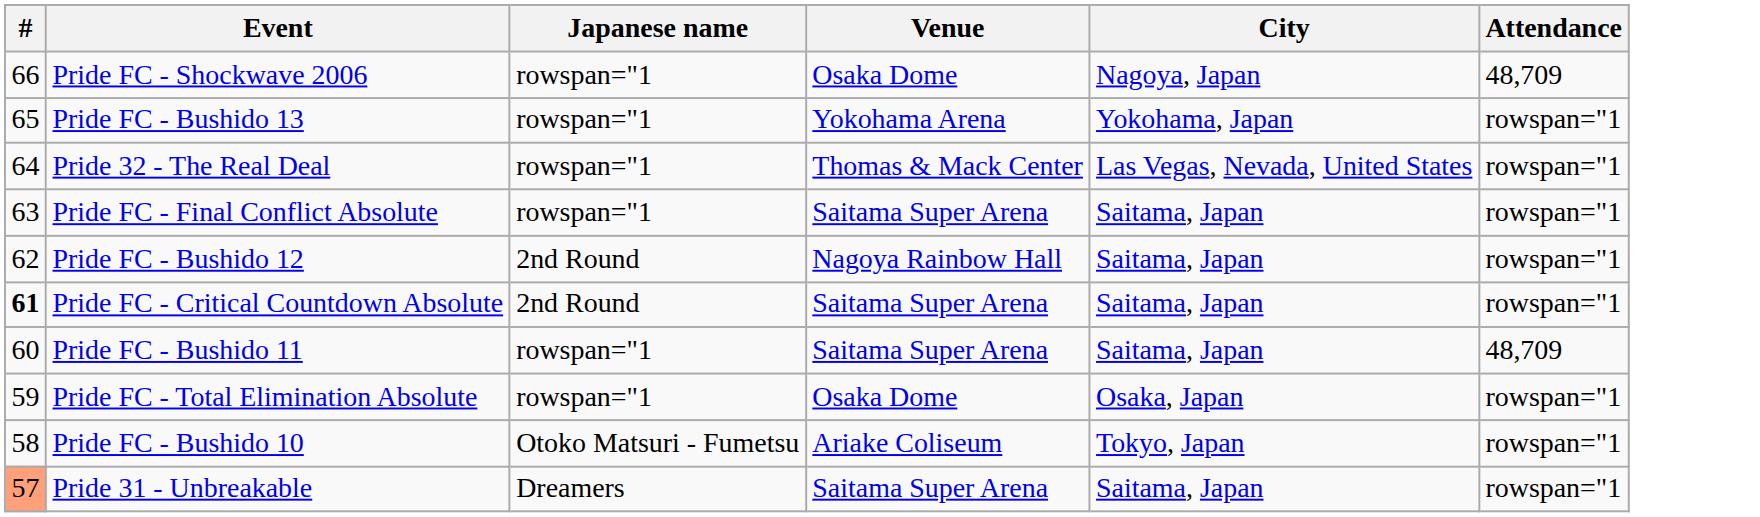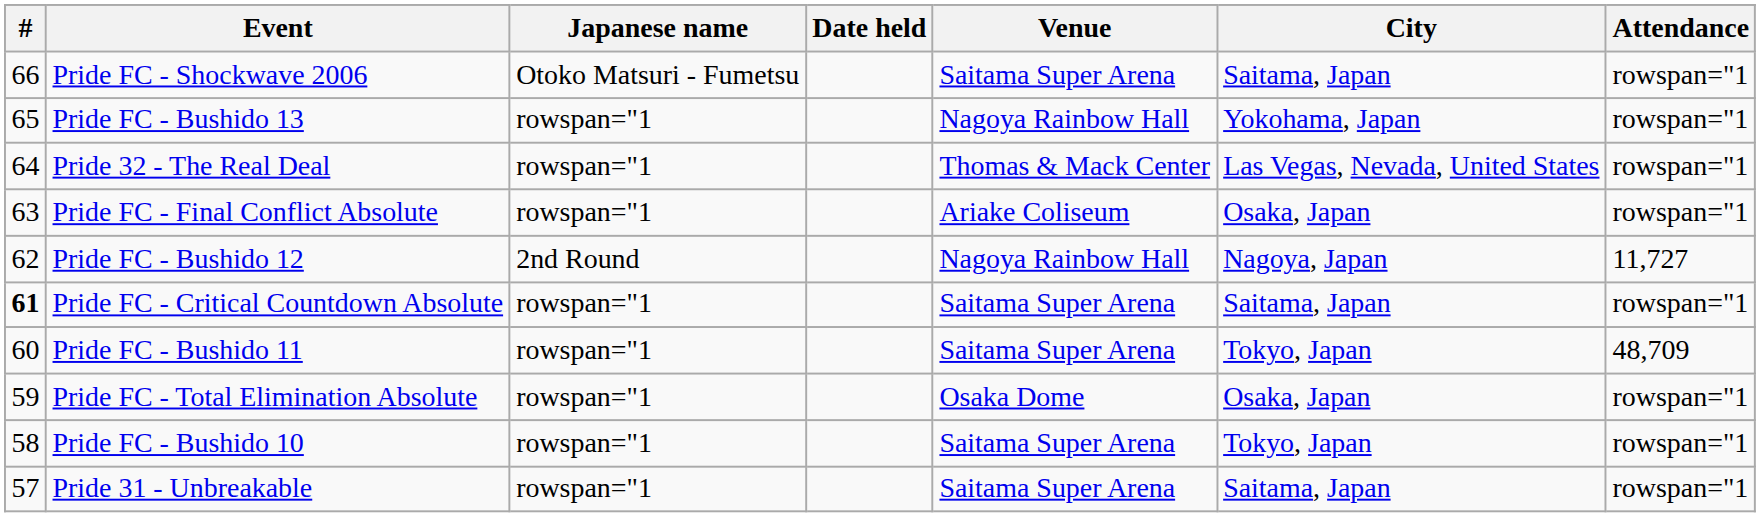 <table class="sortable wikitable succession-box" style="font-size:90%;">
 <tr>
 <th>#</th>
 <th>Event</th>
 <th>Japanese name</th>
+<th>Date held</th>
 <th>Venue</th>
 <th>City</th>
 <th>Attendance</th>
 </tr>
 <tr>
 <td style="text-align:center">66</td>
 <td><a href='#'>Pride FC - Shockwave 2006</a></td>
+<td>Otoko Matsuri - Fumetsu</td>
+<td></td>
+<td><a href='#'>Saitama Super Arena</a></td>
+<td><a href='#'>Saitama</a>, <a href='#'>Japan</a></td>
 <td>rowspan="1 </td>
-<td><a href='#'>Osaka Dome</a></td>
-<td><a href='#'>Nagoya</a>, <a href='#'>Japan</a></td>
-<td>48,709</td>
 </tr>
 <tr>
 <td style="text-align:center">65</td>
 <td><a href='#'>Pride FC - Bushido 13</a></td>
 <td>rowspan="1 </td>
-<td><a href='#'>Yokohama Arena</a></td>
+<td></td>
+<td><a href='#'>Nagoya Rainbow Hall</a></td>
 <td><a href='#'>Yokohama</a>, <a href='#'>Japan</a></td>
 <td>rowspan="1 </td>
 </tr>
 <tr>
 <td style="text-align:center">64</td>
 <td><a href='#'>Pride 32 - The Real Deal</a></td>
 <td>rowspan="1 </td>
+<td></td>
 <td><a href='#'>Thomas & Mack Center</a></td>
 <td><a href='#'>Las Vegas</a>, <a href='#'>Nevada</a>, <a href='#'>United States</a></td>
 <td>rowspan="1 </td>
 </tr>
 <tr>
 <td style="text-align:center">63</td>
 <td><a href='#'>Pride FC - Final Conflict Absolute</a></td>
 <td>rowspan="1 </td>
-<td><a href='#'>Saitama Super Arena</a></td>
-<td><a href='#'>Saitama</a>, <a href='#'>Japan</a></td>
+<td></td>
+<td><a href='#'>Ariake Coliseum</a></td>
+<td><a href='#'>Osaka</a>, <a href='#'>Japan</a></td>
 <td>rowspan="1 </td>
 </tr>
 <tr>
 <td style="text-align:center">62</td>
 <td><a href='#'>Pride FC - Bushido 12</a></td>
 <td>2nd Round</td>
+<td></td>
 <td><a href='#'>Nagoya Rainbow Hall</a></td>
-<td><a href='#'>Saitama</a>, <a href='#'>Japan</a></td>
-<td>rowspan="1 </td>
+<td><a href='#'>Nagoya</a>, <a href='#'>Japan</a></td>
+<td>11,727</td>
 </tr>
 <tr>
 <td style="text-align:center"><strong>61</strong></td>
 <td><a href='#'>Pride FC - Critical Countdown Absolute</a></td>
-<td>2nd Round</td>
+<td>rowspan="1 </td>
+<td></td>
 <td><a href='#'>Saitama Super Arena</a></td>
 <td><a href='#'>Saitama</a>, <a href='#'>Japan</a></td>
 <td>rowspan="1 </td>
 </tr>
 <tr>
 <td style="text-align:center">60</td>
 <td><a href='#'>Pride FC - Bushido 11</a></td>
 <td>rowspan="1 </td>
+<td></td>
 <td><a href='#'>Saitama Super Arena</a></td>
-<td><a href='#'>Saitama</a>, <a href='#'>Japan</a></td>
+<td><a href='#'>Tokyo</a>, <a href='#'>Japan</a></td>
 <td>48,709</td>
 </tr>
 <tr>
 <td style="text-align:center">59</td>
 <td><a href='#'>Pride FC - Total Elimination Absolute</a></td>
 <td>rowspan="1 </td>
+<td></td>
 <td><a href='#'>Osaka Dome</a></td>
 <td><a href='#'>Osaka</a>, <a href='#'>Japan</a></td>
 <td>rowspan="1 </td>
 </tr>
 <tr>
 <td style="text-align:center">58</td>
 <td><a href='#'>Pride FC - Bushido 10</a></td>
-<td>Otoko Matsuri - Fumetsu</td>
-<td><a href='#'>Ariake Coliseum</a></td>
+<td>rowspan="1 </td>
+<td></td>
+<td><a href='#'>Saitama Super Arena</a></td>
 <td><a href='#'>Tokyo</a>, <a href='#'>Japan</a></td>
 <td>rowspan="1 </td>
 </tr>
 <tr>
-<td style="background: lightsalmon; text-align:center">57</td>
+<td style="text-align:center">57</td>
 <td><a href='#'>Pride 31 - Unbreakable</a></td>
-<td>Dreamers</td>
+<td>rowspan="1 </td>
+<td></td>
 <td><a href='#'>Saitama Super Arena</a></td>
 <td><a href='#'>Saitama</a>, <a href='#'>Japan</a></td>
 <td>rowspan="1 </td>
 </tr>
 </table>
